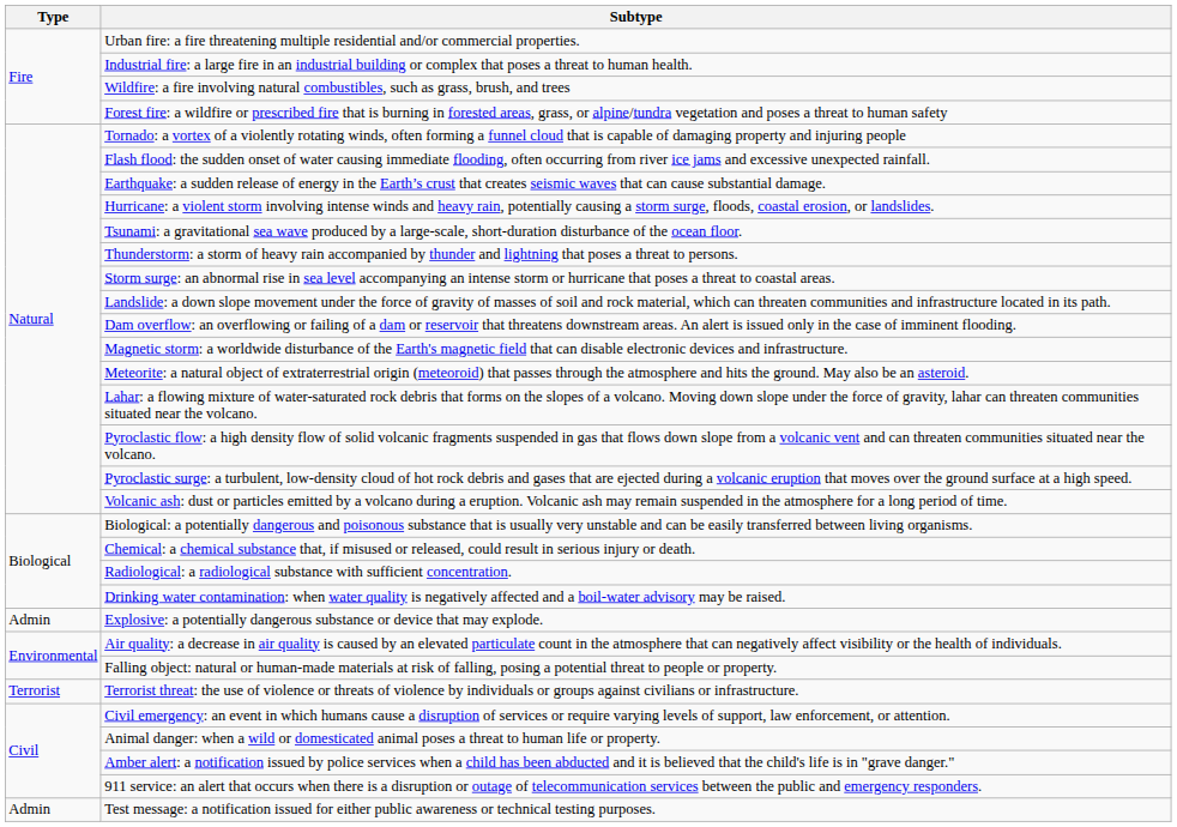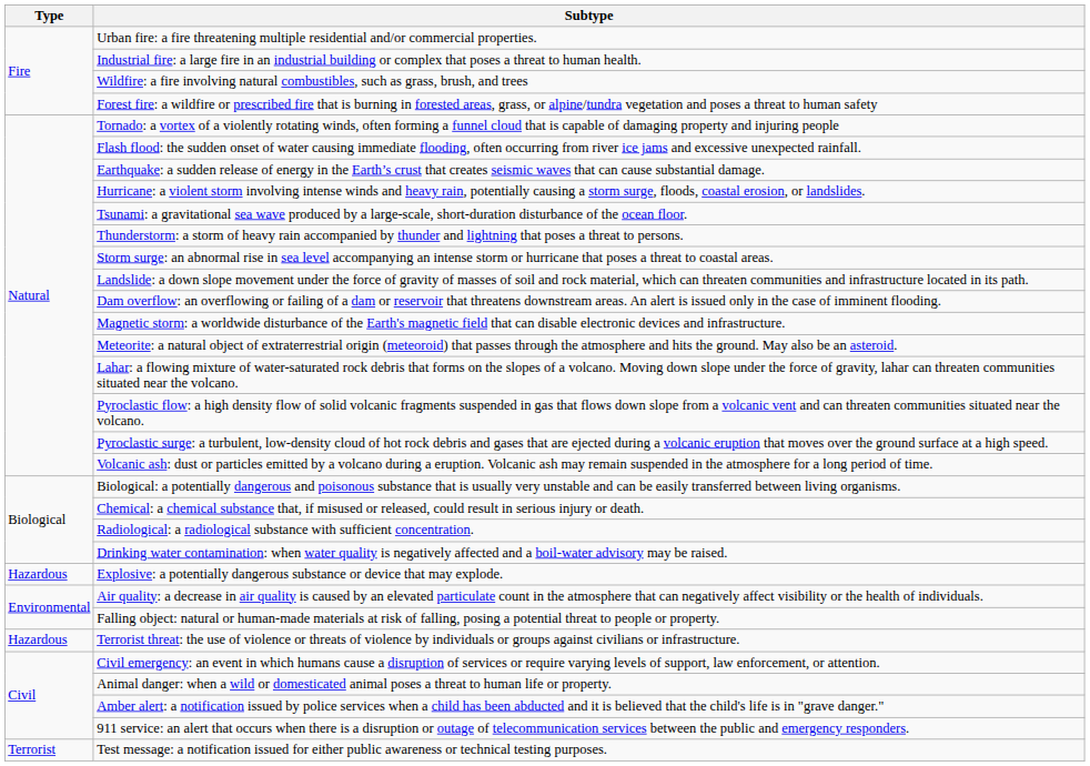 <table class="wikitable">
 <tr>
 <th>Type</th>
 <th>Subtype</th>
 </tr>
 <tr>
 <td rowspan="4"><a href='#'>Fire</a></td>
 <td>Urban fire: a fire threatening multiple residential and/or commercial properties.</td>
 </tr>
 <tr>
 <td><a href='#'>Industrial fire</a>: a large fire in an <a href='#'>industrial building</a> or complex that poses a threat to human health.</td>
 </tr>
 <tr>
 <td><a href='#'>Wildfire</a>: a fire involving natural <a href='#'>combustibles</a>, such as grass, brush, and trees</td>
 </tr>
 <tr>
 <td><a href='#'>Forest fire</a>: a wildfire or <a href='#'>prescribed fire</a> that is burning in <a href='#'>forested areas</a>, grass, or <a href='#'>alpine</a>/<a href='#'>tundra</a> vegetation and poses a threat to human safety</td>
 </tr>
 <tr>
 <td rowspan="15"><a href='#'>Natural</a></td>
 <td><a href='#'>Tornado</a>: a <a href='#'>vortex</a> of a violently rotating winds, often forming a <a href='#'>funnel cloud</a> that is capable of damaging property and injuring people</td>
 </tr>
 <tr>
 <td><a href='#'>Flash flood</a>: the sudden onset of water causing immediate <a href='#'>flooding</a>, often occurring from river <a href='#'>ice jams</a> and excessive unexpected rainfall.</td>
 </tr>
 <tr>
 <td><a href='#'>Earthquake</a>: a sudden release of energy in the <a href='#'>Earth’s crust</a> that creates <a href='#'>seismic waves</a> that can cause substantial damage.</td>
 </tr>
 <tr>
 <td><a href='#'>Hurricane</a>: a <a href='#'>violent storm</a> involving intense winds and <a href='#'>heavy rain</a>, potentially causing a <a href='#'>storm surge</a>, floods, <a href='#'>coastal erosion</a>, or <a href='#'>landslides</a>.</td>
 </tr>
 <tr>
 <td><a href='#'>Tsunami</a>: a gravitational <a href='#'>sea wave</a> produced by a large-scale, short-duration disturbance of the <a href='#'>ocean floor</a>.</td>
 </tr>
 <tr>
 <td><a href='#'>Thunderstorm</a>: a storm of heavy rain accompanied by <a href='#'>thunder</a> and <a href='#'>lightning</a> that poses a threat to persons.</td>
 </tr>
 <tr>
 <td><a href='#'>Storm surge</a>: an abnormal rise in <a href='#'>sea level</a> accompanying an intense storm or hurricane that poses a threat to coastal areas.</td>
 </tr>
 <tr>
 <td><a href='#'>Landslide</a>: a down slope movement under the force of gravity of masses of soil and rock material, which can threaten communities and infrastructure located in its path.</td>
 </tr>
 <tr>
 <td><a href='#'>Dam overflow</a>: an overflowing or failing of a <a href='#'>dam</a> or <a href='#'>reservoir</a> that threatens downstream areas. An alert is issued only in the case of imminent flooding.</td>
 </tr>
 <tr>
 <td><a href='#'>Magnetic storm</a>: a worldwide disturbance of the <a href='#'>Earth's magnetic field</a> that can disable electronic devices and infrastructure.</td>
 </tr>
 <tr>
 <td><a href='#'>Meteorite</a>: a natural object of extraterrestrial origin (<a href='#'>meteoroid</a>) that passes through the atmosphere and hits the ground.  May also be an <a href='#'>asteroid</a>.</td>
 </tr>
 <tr>
 <td><a href='#'>Lahar</a>: a flowing mixture of water-saturated rock debris that forms on the slopes of a volcano. Moving down slope under the force of gravity, lahar can threaten communities situated near the volcano.</td>
 </tr>
 <tr>
 <td><a href='#'>Pyroclastic flow</a>: a high density flow of solid volcanic fragments suspended in gas that flows down slope from a <a href='#'>volcanic vent</a> and can threaten communities situated near the volcano.</td>
 </tr>
 <tr>
 <td><a href='#'>Pyroclastic surge</a>: a turbulent, low-density cloud of hot rock debris and gases that are ejected during a <a href='#'>volcanic eruption</a> that moves over the ground surface at a high speed.</td>
 </tr>
 <tr>
 <td><a href='#'>Volcanic ash</a>: dust or particles emitted by a volcano during a eruption. Volcanic ash may remain suspended in the atmosphere for a long period of time.</td>
 </tr>
 <tr>
 <td rowspan="4">Biological</td>
 <td>Biological: a potentially <a href='#'>dangerous</a> and <a href='#'>poisonous</a> substance that is usually very unstable and can be easily transferred between living organisms.</td>
 </tr>
 <tr>
 <td><a href='#'>Chemical</a>: a <a href='#'>chemical substance</a> that, if misused or released, could result in serious injury or death.</td>
 </tr>
 <tr>
 <td><a href='#'>Radiological</a>: a <a href='#'>radiological</a> substance with sufficient <a href='#'>concentration</a>.</td>
 </tr>
 <tr>
 <td><a href='#'>Drinking water contamination</a>: when <a href='#'>water quality</a> is negatively affected and a <a href='#'>boil-water advisory</a> may be raised.</td>
 </tr>
 <tr>
-<td>Admin</td>
+<td><a href='#'>Hazardous</a></td>
 <td><a href='#'>Explosive</a>: a potentially dangerous substance or device that may explode.</td>
 </tr>
 <tr>
 <td rowspan="2"><a href='#'>Environmental</a></td>
 <td><a href='#'>Air quality</a>: a decrease in <a href='#'>air quality</a> is caused by an elevated <a href='#'>particulate</a> count in the atmosphere that can negatively affect visibility or the health of individuals.</td>
 </tr>
 <tr>
 <td>Falling object: natural or human-made materials at risk of falling, posing a potential threat to people or property.</td>
 </tr>
 <tr>
-<td><a href='#'>Terrorist</a></td>
+<td><a href='#'>Hazardous</a></td>
 <td><a href='#'>Terrorist threat</a>: the use of violence or threats of violence by individuals or groups against civilians or infrastructure.</td>
 </tr>
 <tr>
 <td rowspan="4"><a href='#'>Civil</a></td>
 <td><a href='#'>Civil emergency</a>: an event in which humans cause a <a href='#'>disruption</a> of services or require varying levels of support, law enforcement, or attention.</td>
 </tr>
 <tr>
 <td>Animal danger: when a <a href='#'>wild</a> or <a href='#'>domesticated</a> animal poses a threat to human life or property.</td>
 </tr>
 <tr>
 <td><a href='#'>Amber alert</a>: a <a href='#'>notification</a> issued by police services when a <a href='#'>child has been abducted</a> and it is believed that the child's life is in "grave danger."</td>
 </tr>
 <tr>
 <td>911 service: an alert that occurs when there is a disruption or <a href='#'>outage</a> of <a href='#'>telecommunication services</a> between the public and <a href='#'>emergency responders</a>.</td>
 </tr>
 <tr>
-<td>Admin</td>
+<td><a href='#'>Terrorist</a></td>
 <td>Test message: a notification issued for either public awareness or technical testing purposes.</td>
 </tr>
 </table>
